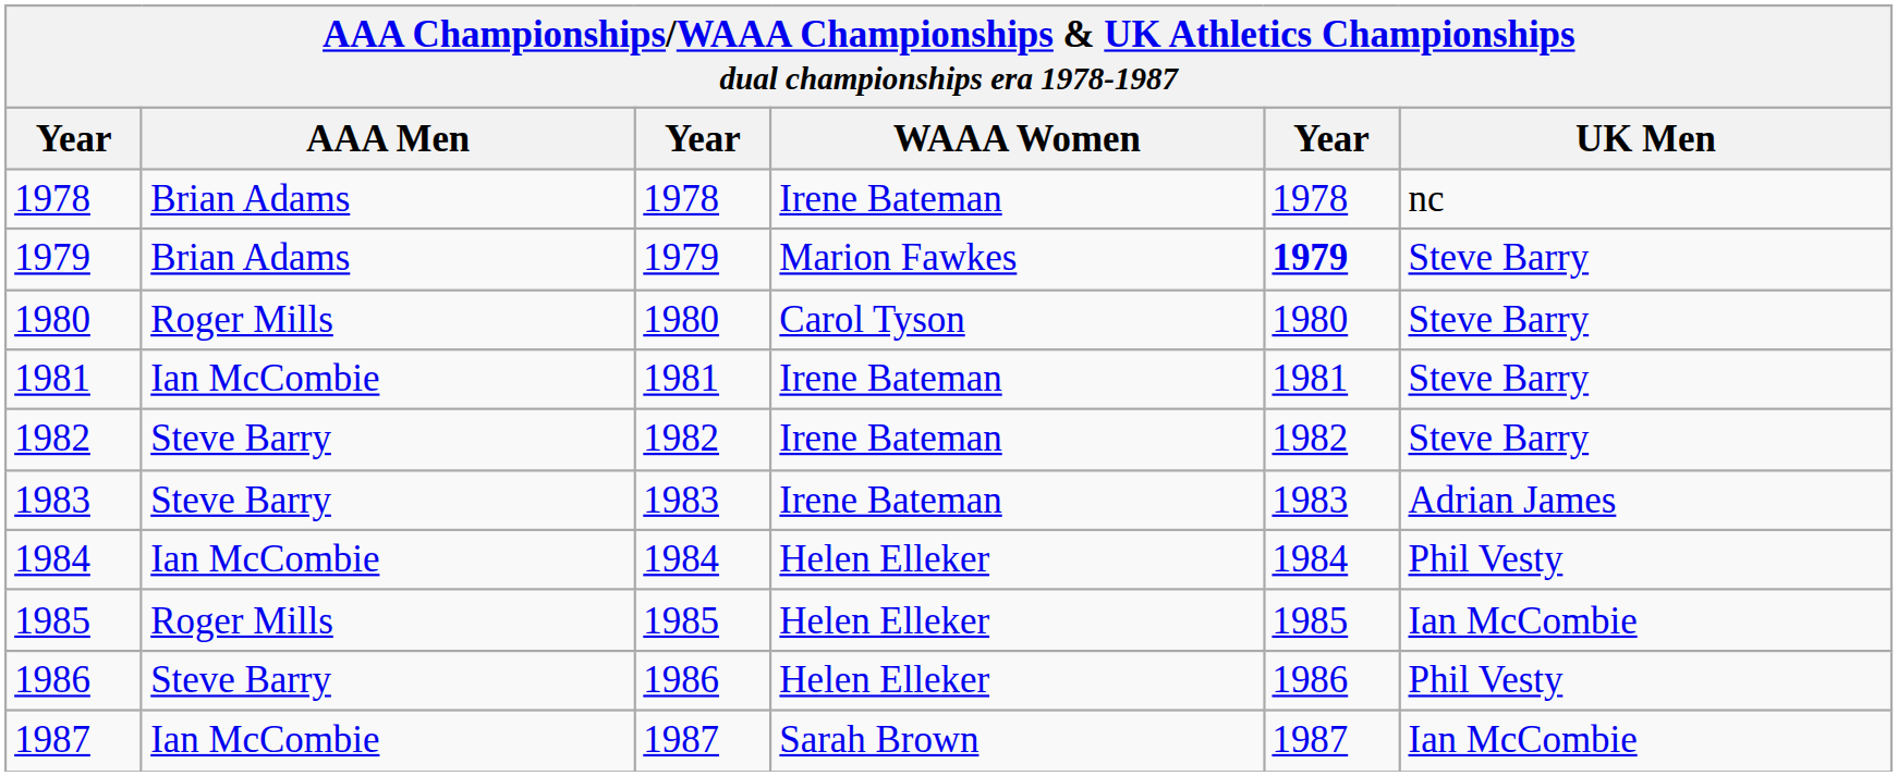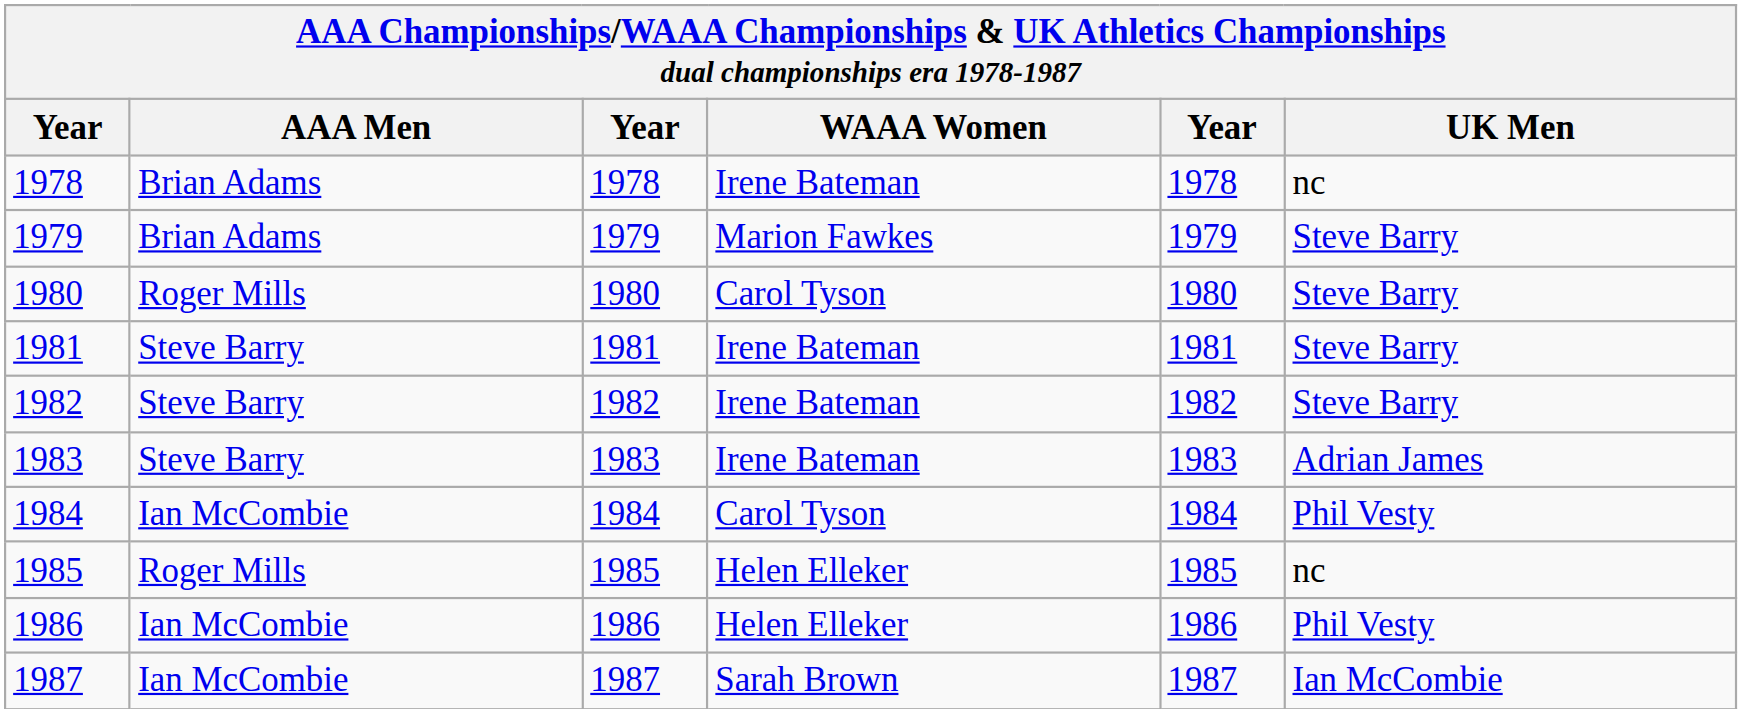 <table class="wikitable">
 <tr>
 <th colspan="6"><a href='#'>AAA Championships</a>/<a href='#'>WAAA Championships</a> & <a href='#'>UK Athletics Championships</a><br><em><small>dual championships era 1978-1987</small></em></th>
 </tr>
 <tr>
 <th width=50>Year</th>
 <th width=200>AAA Men</th>
 <th width=50>Year</th>
 <th width=200>WAAA Women</th>
 <th width=50>Year</th>
 <th width=200>UK Men</th>
 </tr>
 <tr>
 <td><a href='#'>1978</a></td>
 <td><a href='#'>Brian Adams</a></td>
 <td><a href='#'>1978</a></td>
 <td><a href='#'>Irene Bateman</a></td>
 <td><a href='#'>1978</a></td>
 <td>nc</td>
 </tr>
 <tr>
 <td><a href='#'>1979</a></td>
 <td><a href='#'>Brian Adams</a></td>
 <td><a href='#'>1979</a></td>
 <td><a href='#'>Marion Fawkes</a></td>
-<td><strong><a href='#'>1979</a></strong></td>
+<td><a href='#'>1979</a></td>
 <td><a href='#'>Steve Barry</a></td>
 </tr>
 <tr>
 <td><a href='#'>1980</a></td>
 <td><a href='#'>Roger Mills</a></td>
 <td><a href='#'>1980</a></td>
 <td><a href='#'>Carol Tyson</a></td>
 <td><a href='#'>1980</a></td>
 <td><a href='#'>Steve Barry</a></td>
 </tr>
 <tr>
 <td><a href='#'>1981</a></td>
-<td><a href='#'>Ian McCombie</a></td>
+<td><a href='#'>Steve Barry</a></td>
 <td><a href='#'>1981</a></td>
 <td><a href='#'>Irene Bateman</a></td>
 <td><a href='#'>1981</a></td>
 <td><a href='#'>Steve Barry</a></td>
 </tr>
 <tr>
 <td><a href='#'>1982</a></td>
 <td><a href='#'>Steve Barry</a></td>
 <td><a href='#'>1982</a></td>
 <td><a href='#'>Irene Bateman</a></td>
 <td><a href='#'>1982</a></td>
 <td><a href='#'>Steve Barry</a></td>
 </tr>
 <tr>
 <td><a href='#'>1983</a></td>
 <td><a href='#'>Steve Barry</a></td>
 <td><a href='#'>1983</a></td>
 <td><a href='#'>Irene Bateman</a></td>
 <td><a href='#'>1983</a></td>
 <td><a href='#'>Adrian James</a></td>
 </tr>
 <tr>
 <td><a href='#'>1984</a></td>
 <td><a href='#'>Ian McCombie</a></td>
 <td><a href='#'>1984</a></td>
-<td><a href='#'>Helen Elleker</a></td>
+<td><a href='#'>Carol Tyson</a></td>
 <td><a href='#'>1984</a></td>
 <td><a href='#'>Phil Vesty</a></td>
 </tr>
 <tr>
 <td><a href='#'>1985</a></td>
 <td><a href='#'>Roger Mills</a></td>
 <td><a href='#'>1985</a></td>
 <td><a href='#'>Helen Elleker</a></td>
 <td><a href='#'>1985</a></td>
-<td><a href='#'>Ian McCombie</a></td>
+<td>nc</td>
 </tr>
 <tr>
 <td><a href='#'>1986</a></td>
-<td><a href='#'>Steve Barry</a></td>
+<td><a href='#'>Ian McCombie</a></td>
 <td><a href='#'>1986</a></td>
 <td><a href='#'>Helen Elleker</a></td>
 <td><a href='#'>1986</a></td>
 <td><a href='#'>Phil Vesty</a></td>
 </tr>
 <tr>
 <td><a href='#'>1987</a></td>
 <td><a href='#'>Ian McCombie</a></td>
 <td><a href='#'>1987</a></td>
 <td><a href='#'>Sarah Brown</a></td>
 <td><a href='#'>1987</a></td>
 <td><a href='#'>Ian McCombie</a></td>
 </tr>
 </table>
